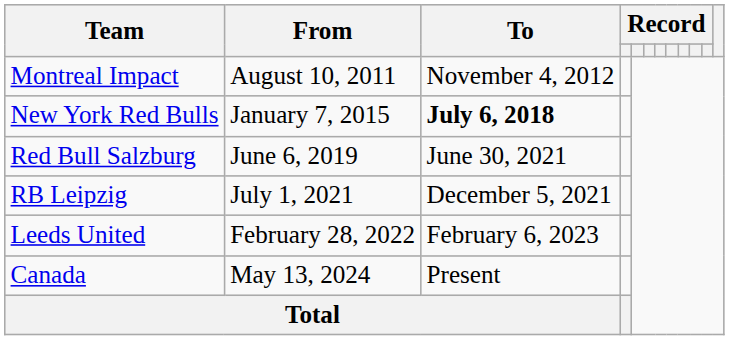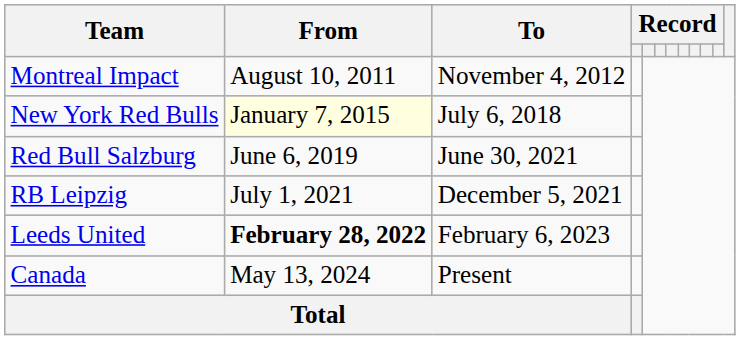 <table class="wikitable" style="text-align: center;">
 <tr>
 <th rowspan="2">Team</th>
 <th rowspan="2">From</th>
 <th rowspan="2">To</th>
 <th colspan="8">Record</th>
 <th rowspan=2></th>
 </tr>
 <tr>
 <th></th>
 <th></th>
 <th></th>
 <th></th>
 <th></th>
 <th></th>
 <th></th>
 <th></th>
 </tr>
 <tr>
 <td align=left><a href='#'>Montreal Impact</a></td>
 <td align=left>August 10, 2011</td>
 <td align=left>November 4, 2012<br></td>
 <td></td>
 </tr>
 <tr>
 <td align=left><a href='#'>New York Red Bulls</a></td>
-<td align=left>January 7, 2015</td>
-<td align=left><strong>July 6, 2018<br></strong></td>
+<td align=left style="background: lightyellow;">January 7, 2015</td>
+<td align=left>July 6, 2018<br></td>
 <td></td>
 </tr>
 <tr>
 <td align=left><a href='#'>Red Bull Salzburg</a></td>
 <td align=left>June 6, 2019</td>
 <td align=left>June 30, 2021<br></td>
 <td></td>
 </tr>
 <tr>
 <td align=left><a href='#'>RB Leipzig</a></td>
 <td align=left>July 1, 2021</td>
 <td align=left>December 5, 2021<br></td>
 <td></td>
 </tr>
 <tr>
 <td align=left><a href='#'>Leeds United</a></td>
-<td align=left>February 28, 2022</td>
+<td align=left><strong>February 28, 2022</strong></td>
 <td align=left>February 6, 2023<br></td>
 <td></td>
 </tr>
 <tr>
 <td align=left><a href='#'>Canada</a></td>
 <td align=left>May 13, 2024</td>
 <td align=left>Present<br></td>
 <td></td>
 </tr>
 <tr>
 <th colspan="3">Total<br></th>
 <th></th>
 </tr>
 </table>
